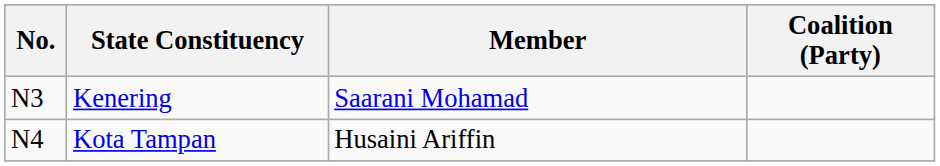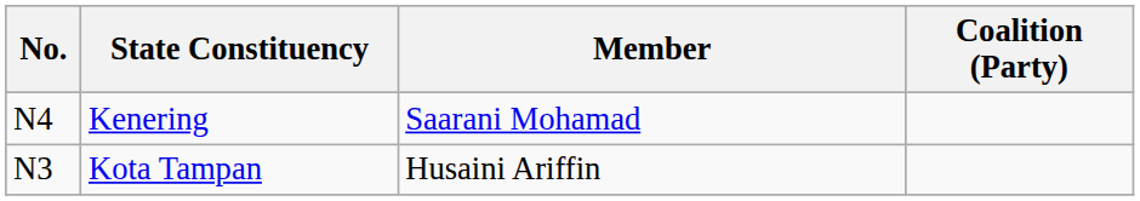 <table class="wikitable">
 <tr>
 <th width="30">No.</th>
 <th width="150">State Constituency</th>
 <th width="245">Member</th>
 <th width="105">Coalition (Party)</th>
 </tr>
 <tr>
-<td>N3</td>
+<td>N4</td>
 <td><a href='#'>Kenering</a></td>
 <td><a href='#'>Saarani Mohamad</a></td>
 <td></td>
 </tr>
 <tr>
-<td>N4</td>
+<td>N3</td>
 <td><a href='#'>Kota Tampan</a></td>
 <td>Husaini Ariffin</td>
 <td></td>
 </tr>
 </table>
